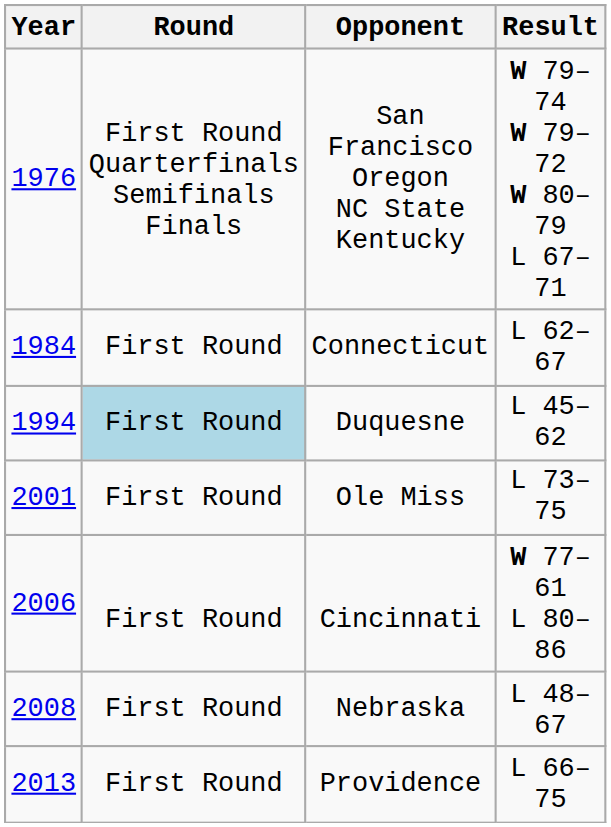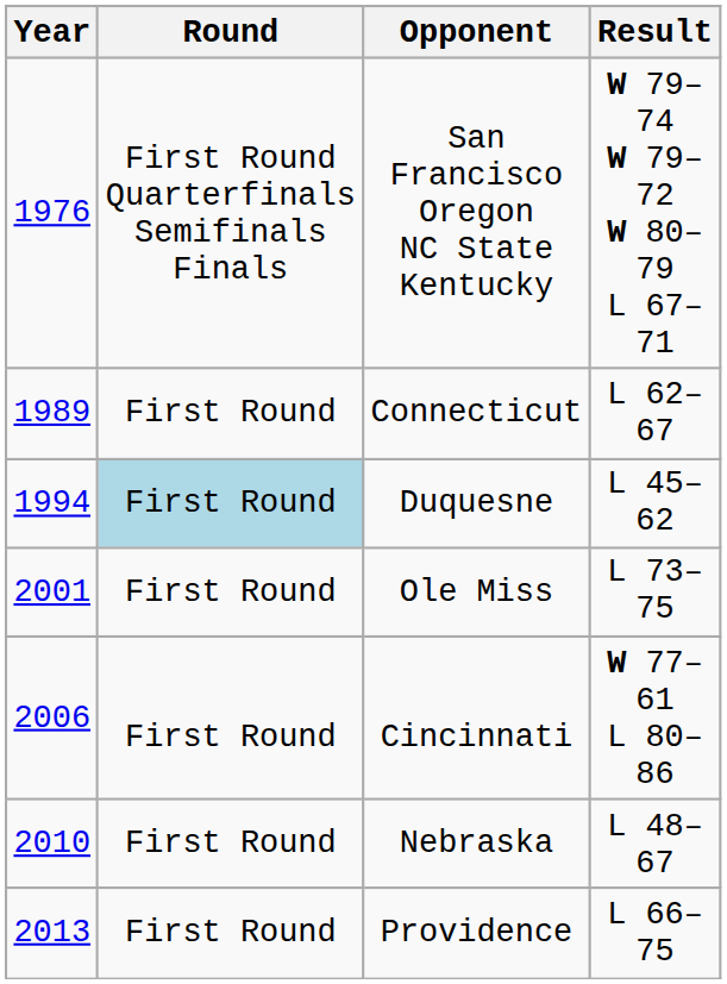 <table class="wikitable sortable" style="width: 35%">
 <tr>
 <th>Year</th>
 <th>Round</th>
 <th>Opponent</th>
 <th>Result</th>
 </tr>
 <tr align="center">
 <td><a href='#'>1976</a></td>
 <td>First Round<br>Quarterfinals<br>Semifinals<br>Finals</td>
 <td>San Francisco<br>Oregon<br>NC State<br>Kentucky</td>
 <td><strong>W</strong> 79–74<br><strong>W</strong> 79–72<br><strong>W</strong> 80–79<br>L 67–71</td>
 </tr>
 <tr align="center">
-<td><a href='#'>1984</a></td>
+<td><a href='#'>1989</a></td>
 <td>First Round</td>
 <td>Connecticut</td>
 <td>L 62–67</td>
 </tr>
 <tr align="center">
 <td><a href='#'>1994</a></td>
 <td style="background: lightblue;">First Round</td>
 <td>Duquesne</td>
 <td>L 45–62</td>
 </tr>
 <tr align="center">
 <td><a href='#'>2001</a></td>
 <td>First Round</td>
 <td>Ole Miss</td>
 <td>L 73–75</td>
 </tr>
 <tr align="center">
 <td><a href='#'>2006</a></td>
 <td><br>First Round</td>
 <td><br>Cincinnati</td>
 <td><strong>W</strong> 77–61<br>L 80–86</td>
 </tr>
 <tr align="center">
-<td><a href='#'>2008</a></td>
+<td><a href='#'>2010</a></td>
 <td>First Round</td>
 <td>Nebraska</td>
 <td>L 48–67</td>
 </tr>
 <tr align="center">
 <td><a href='#'>2013</a></td>
 <td>First Round</td>
 <td>Providence</td>
 <td>L 66–75</td>
 </tr>
 </table>
